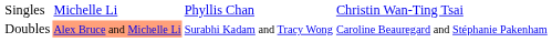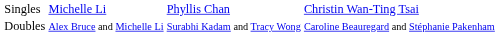 <table>
 <tr>
 <td>Singles</td>
 <td><a href='#'>Michelle Li</a><br></td>
 <td><a href='#'>Phyllis Chan</a><br></td>
 <td><a href='#'>Christin Wan-Ting Tsai</a><br></td>
 </tr>
 <tr>
 <td>Doubles</td>
-<td style="background: lightsalmon;"><small><a href='#'>Alex Bruce</a> and <a href='#'>Michelle Li</a></small><br></td>
+<td><small><a href='#'>Alex Bruce</a> and <a href='#'>Michelle Li</a></small><br></td>
 <td><small><a href='#'>Surabhi Kadam</a> and <a href='#'>Tracy Wong</a></small><br></td>
 <td><small><a href='#'>Caroline Beauregard</a> and <a href='#'>Stéphanie Pakenham</a></small><br></td>
 </tr>
 </table>
